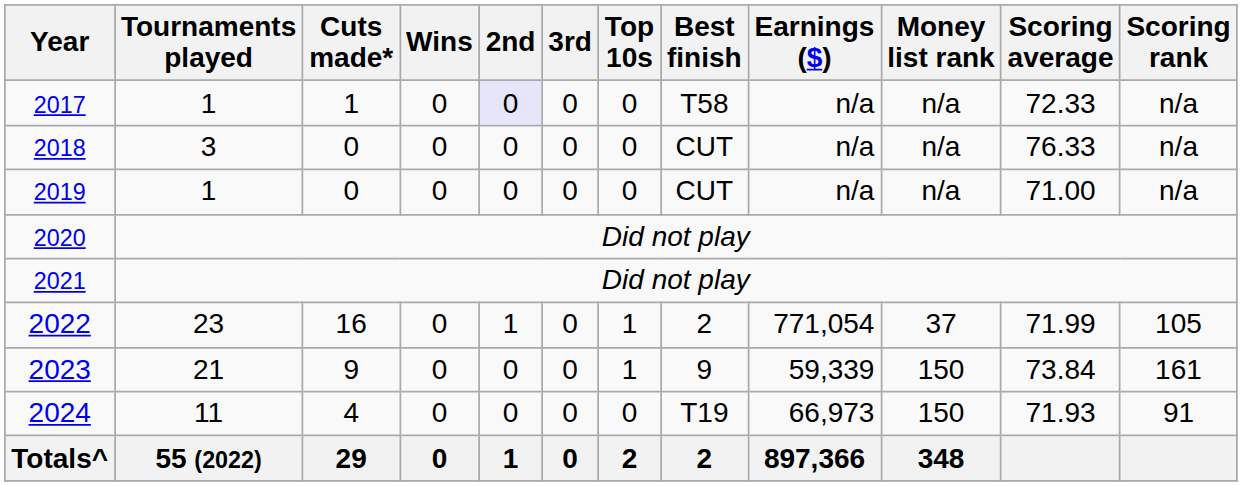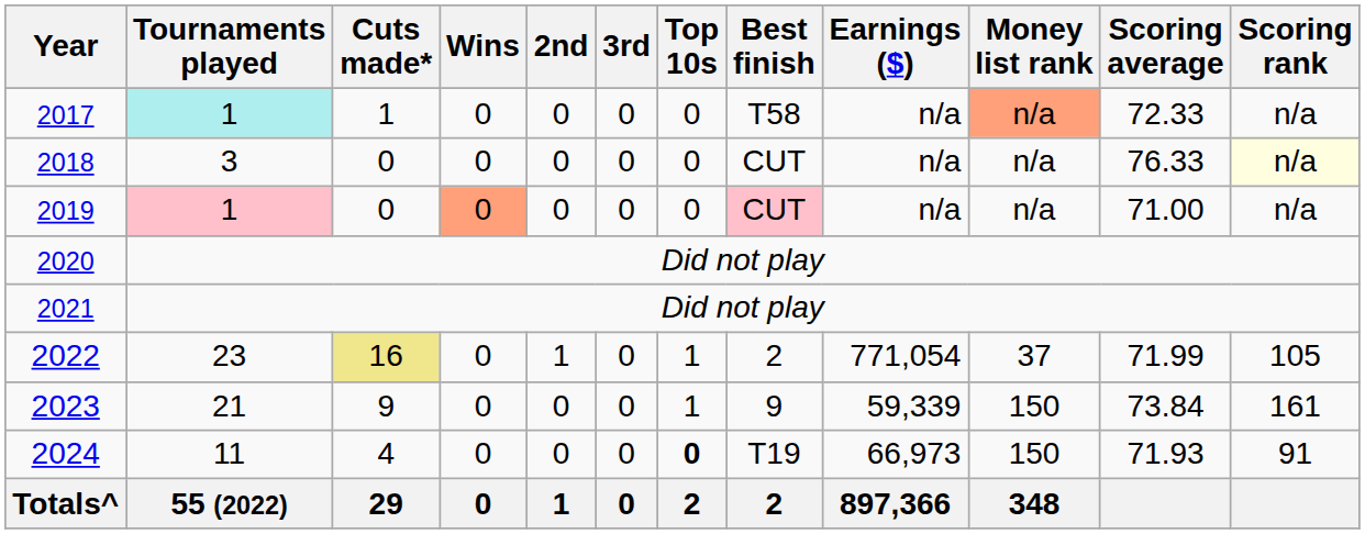 <table class="wikitable" style="text-align:center; ">
 <tr>
 <th>Year</th>
 <th>Tournaments <br>played</th>
 <th>Cuts <br>made*</th>
 <th>Wins</th>
 <th>2nd</th>
 <th>3rd</th>
 <th>Top <br>10s</th>
 <th>Best <br>finish</th>
 <th>Earnings<br>(<a href='#'>$</a>)</th>
 <th>Money<br>list rank</th>
 <th>Scoring <br> average</th>
 <th>Scoring<br>rank</th>
 </tr>
 <tr>
 <td><small><a href='#'>2017</a></small></td>
-<td>1</td>
+<td style="background: paleturquoise;">1</td>
 <td>1</td>
 <td>0</td>
-<td style="background: lavender;">0</td>
+<td>0</td>
 <td>0</td>
 <td>0</td>
 <td>T58</td>
 <td align=right>n/a</td>
-<td>n/a</td>
+<td style="background: lightsalmon;">n/a</td>
 <td>72.33</td>
 <td>n/a</td>
 </tr>
 <tr>
 <td><small><a href='#'>2018</a></small></td>
 <td>3</td>
 <td>0</td>
 <td>0</td>
 <td>0</td>
 <td>0</td>
 <td>0</td>
 <td>CUT</td>
 <td align=right>n/a</td>
 <td>n/a</td>
 <td>76.33</td>
-<td>n/a</td>
+<td style="background: lightyellow;">n/a</td>
 </tr>
 <tr>
 <td><small><a href='#'>2019</a></small></td>
-<td>1</td>
+<td style="background: pink;">1</td>
+<td>0</td>
+<td style="background: lightsalmon;">0</td>
 <td>0</td>
 <td>0</td>
 <td>0</td>
-<td>0</td>
-<td>0</td>
-<td>CUT</td>
+<td style="background: pink;">CUT</td>
 <td align=right>n/a</td>
 <td>n/a</td>
 <td>71.00</td>
 <td>n/a</td>
 </tr>
 <tr>
 <td><small><a href='#'>2020</a></small></td>
 <td colspan=11><em>Did not play</em></td>
 </tr>
 <tr>
 <td><small><a href='#'>2021</a></small></td>
 <td colspan=11><em>Did not play</em></td>
 </tr>
 <tr>
 <td><a href='#'>2022</a></td>
 <td>23</td>
-<td>16</td>
+<td style="background: khaki;">16</td>
 <td>0</td>
 <td>1</td>
 <td>0</td>
 <td>1</td>
 <td>2</td>
 <td align=right>771,054</td>
 <td>37</td>
 <td>71.99</td>
 <td>105</td>
 </tr>
 <tr>
 <td><a href='#'>2023</a></td>
 <td>21</td>
 <td>9</td>
 <td>0</td>
 <td>0</td>
 <td>0</td>
 <td>1</td>
 <td>9</td>
 <td align=right>59,339</td>
 <td>150</td>
 <td>73.84</td>
 <td>161</td>
 </tr>
 <tr>
 <td><a href='#'>2024</a></td>
 <td>11</td>
 <td>4</td>
 <td>0</td>
 <td>0</td>
 <td>0</td>
-<td>0</td>
+<td><strong>0</strong></td>
 <td>T19</td>
 <td align=right>66,973</td>
 <td>150</td>
 <td>71.93</td>
 <td>91</td>
 </tr>
 <tr>
 <th>Totals^</th>
 <th>55 <small>(2022)</small> </th>
 <th>29 </th>
 <th>0 </th>
 <th>1 </th>
 <th>0 </th>
 <th>2 </th>
 <th>2 </th>
 <th>897,366 </th>
 <th>348 </th>
 <th></th>
 <th></th>
 </tr>
 </table>
